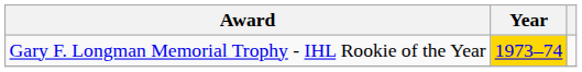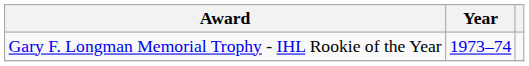 <table class="wikitable">
 <tr>
 <th>Award</th>
 <th>Year</th>
 <th></th>
 </tr>
 <tr>
 <td><a href='#'>Gary F. Longman Memorial Trophy</a> - <a href='#'>IHL</a> Rookie of the Year</td>
-<td style="background: gold;"><a href='#'>1973–74</a></td>
+<td><a href='#'>1973–74</a></td>
 <td></td>
 </tr>
 <tr>
 </tr>
 </table>
